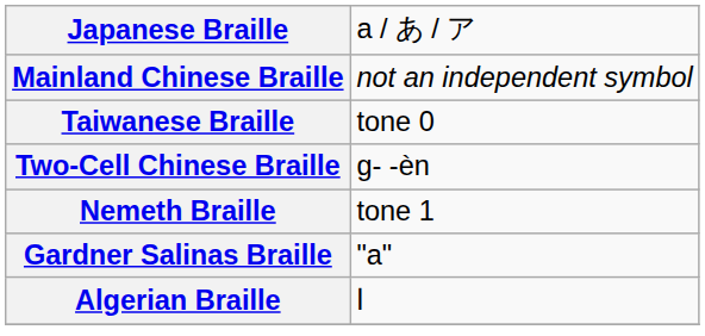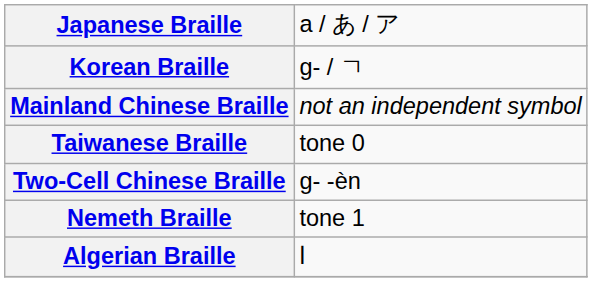 <table class="wikitable">
 <tr>
 <th align=left><a href='#'>Japanese Braille</a></th>
 <td>a / あ / ア</td>
+</tr>
+<tr>
+<th align=left><a href='#'>Korean Braille</a></th>
+<td>g- / ㄱ</td>
 </tr>
 <tr>
 <th align=left><a href='#'>Mainland Chinese Braille</a></th>
 <td><em>not an independent symbol</em></td>
 </tr>
 <tr>
 <th align=left><a href='#'>Taiwanese Braille</a></th>
 <td>tone 0</td>
 </tr>
 <tr>
 <th align=left><a href='#'>Two-Cell Chinese Braille</a></th>
 <td>g- -èn</td>
 </tr>
 <tr>
 <th align=left><a href='#'>Nemeth Braille</a></th>
 <td>tone 1</td>
 </tr>
 <tr>
-<th align=left><a href='#'>Gardner Salinas Braille</a></th>
-<td>"a"</td>
-</tr>
-<tr>
 <th align=left><a href='#'>Algerian Braille</a></th>
 <td>ا ‎</td>
 </tr>
 <tr>
 </tr>
 </table>
